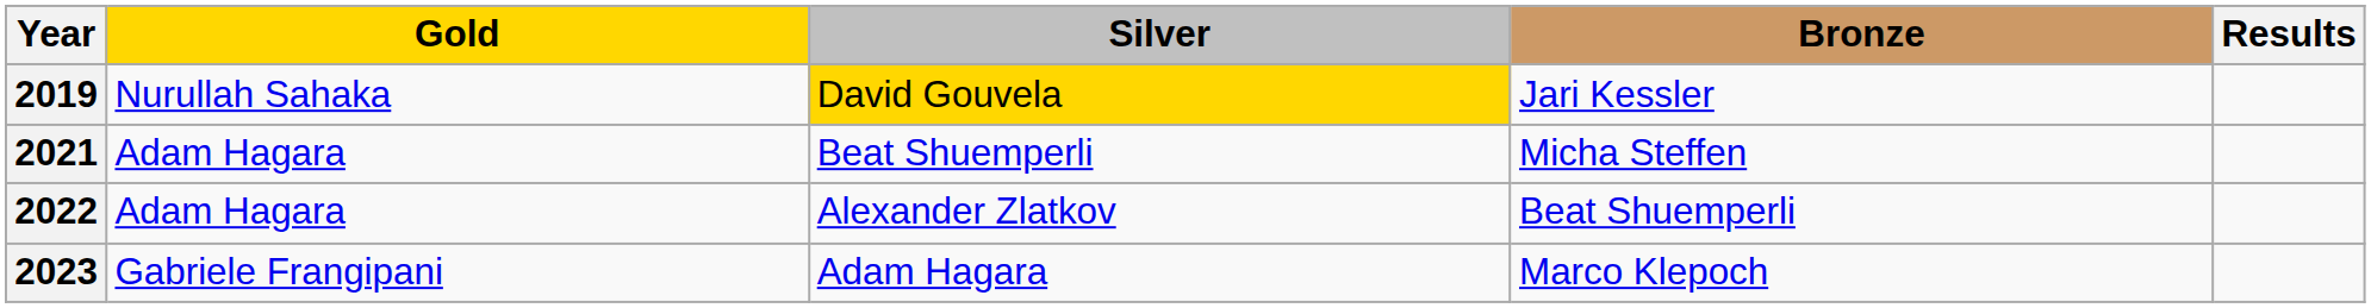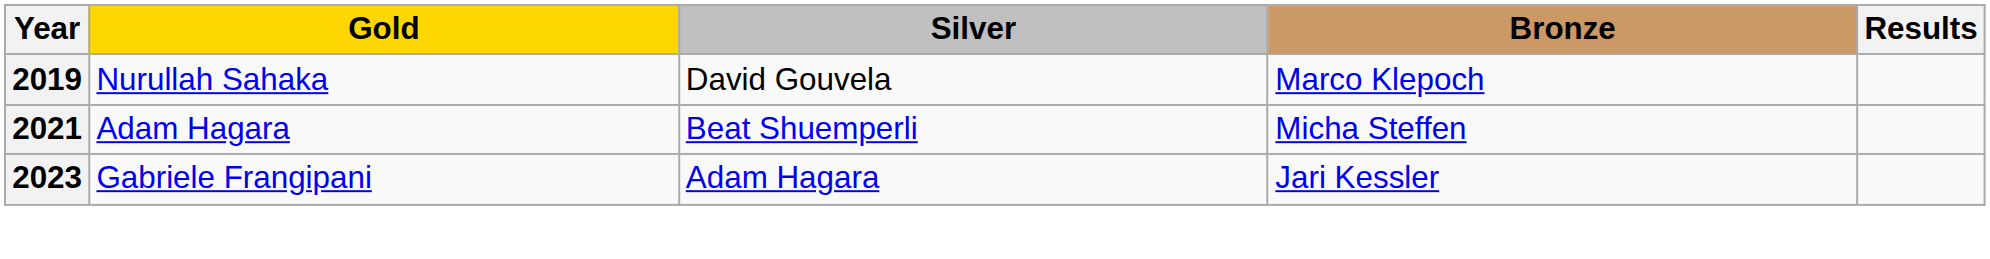 <table class="wikitable unsortable" style="text-align:left; width:80%;">
 <tr>
 <th scope="col" style="text-align:center;">Year</th>
 <td scope="col" style="text-align:center; width:30%; background:gold"><strong>Gold</strong></td>
 <td scope="col" style="text-align:center; width:30%; background:silver"><strong>Silver</strong></td>
 <td scope="col" style="text-align:center; width:30%; background:#c96"><strong>Bronze</strong></td>
 <th scope="col" style="text-align:center;">Results</th>
 </tr>
 <tr>
 <th scope="row" style="text-align:left">2019</th>
 <td> <a href='#'>Nurullah Sahaka</a></td>
-<td style="background: gold;"> David Gouvela</td>
-<td> <a href='#'>Jari Kessler</a></td>
+<td> David Gouvela</td>
+<td> <a href='#'>Marco Klepoch</a></td>
 <td></td>
 </tr>
 <tr>
 <th scope="row" style="text-align:left">2021</th>
 <td> <a href='#'>Adam Hagara</a></td>
 <td> <a href='#'>Beat Shuemperli</a></td>
 <td> <a href='#'>Micha Steffen</a></td>
 <td></td>
 </tr>
 <tr>
-<th scope="row" style="text-align:left">2022</th>
-<td> <a href='#'>Adam Hagara</a></td>
-<td> <a href='#'>Alexander Zlatkov</a></td>
-<td> <a href='#'>Beat Shuemperli</a></td>
-<td></td>
-</tr>
-<tr>
 <th scope="row" style="text-align:left">2023</th>
 <td> <a href='#'>Gabriele Frangipani</a></td>
 <td> <a href='#'>Adam Hagara</a></td>
-<td> <a href='#'>Marco Klepoch</a></td>
+<td> <a href='#'>Jari Kessler</a></td>
 <td></td>
 </tr>
 </table>
